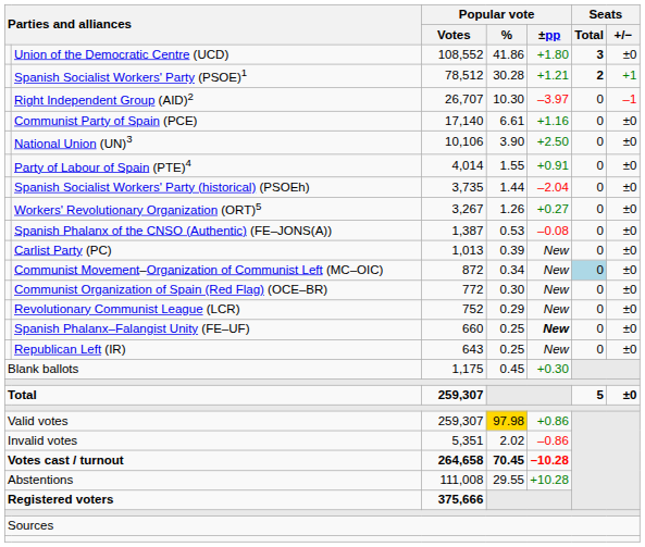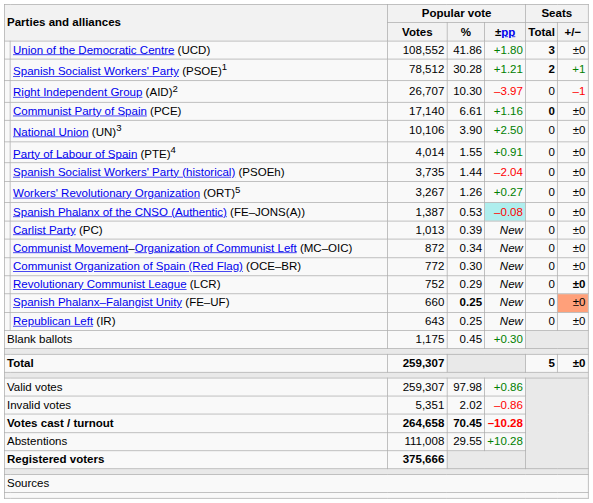 <table class="wikitable" style="text-align:right;">
 <tr>
 <th style="text-align:left;" rowspan="2" colspan="2" width="525">Parties and alliances</th>
 <th colspan="3">Popular vote</th>
 <th colspan="2">Seats</th>
 </tr>
 <tr>
 <th width="75">Votes</th>
 <th width="45">%</th>
 <th width="45">±<a href='#'>pp</a></th>
 <th width="35">Total</th>
 <th width="35">+/−</th>
 </tr>
 <tr>
 <td width="1" style="color:inherit;background:"></td>
 <td align="left"><a href='#'>Union of the Democratic Centre</a> (UCD)</td>
 <td>108,552</td>
 <td>41.86</td>
 <td style="color:green;">+1.80</td>
 <td><strong>3</strong></td>
 <td>±0</td>
 </tr>
 <tr>
 <td style="color:inherit;background:"></td>
 <td align="left"><a href='#'>Spanish Socialist Workers' Party</a> (PSOE)<sup>1</sup></td>
 <td>78,512</td>
 <td>30.28</td>
 <td style="color:green;">+1.21</td>
 <td><strong>2</strong></td>
 <td style="color:green;">+1</td>
 </tr>
 <tr>
 <td width="1" style="color:inherit;background:"></td>
 <td align="left"><a href='#'>Right Independent Group</a> (AID)<sup>2</sup></td>
 <td>26,707</td>
 <td>10.30</td>
 <td style="color:red;">–3.97</td>
 <td>0</td>
 <td style="color:red;">–1</td>
 </tr>
 <tr>
 <td style="color:inherit;background:"></td>
 <td align="left"><a href='#'>Communist Party of Spain</a> (PCE)</td>
 <td>17,140</td>
 <td>6.61</td>
 <td style="color:green;">+1.16</td>
-<td>0</td>
+<td><strong>0</strong></td>
 <td>±0</td>
 </tr>
 <tr>
 <td style="color:inherit;background:"></td>
 <td align="left"><a href='#'>National Union</a> (UN)<sup>3</sup></td>
 <td>10,106</td>
 <td>3.90</td>
 <td style="color:green;">+2.50</td>
 <td>0</td>
 <td>±0</td>
 </tr>
 <tr>
 <td style="color:inherit;background:"></td>
 <td align="left"><a href='#'>Party of Labour of Spain</a> (PTE)<sup>4</sup></td>
 <td>4,014</td>
 <td>1.55</td>
 <td style="color:green;">+0.91</td>
 <td>0</td>
 <td>±0</td>
 </tr>
 <tr>
 <td style="color:inherit;background:"></td>
 <td align="left"><a href='#'>Spanish Socialist Workers' Party (historical)</a> (PSOEh)</td>
 <td>3,735</td>
 <td>1.44</td>
 <td style="color:red;">–2.04</td>
 <td>0</td>
 <td>±0</td>
 </tr>
 <tr>
 <td style="color:inherit;background:"></td>
 <td align="left"><a href='#'>Workers' Revolutionary Organization</a> (ORT)<sup>5</sup></td>
 <td>3,267</td>
 <td>1.26</td>
 <td style="color:green;">+0.27</td>
 <td>0</td>
 <td>±0</td>
 </tr>
 <tr>
 <td style="color:inherit;background:"></td>
 <td align="left"><a href='#'>Spanish Phalanx of the CNSO (Authentic)</a> (FE–JONS(A))</td>
 <td>1,387</td>
 <td>0.53</td>
-<td style="color:red;">–0.08</td>
+<td style="background: paleturquoise; color:red;">–0.08</td>
 <td>0</td>
 <td>±0</td>
 </tr>
 <tr>
 <td style="color:inherit;background:"></td>
 <td align="left"><a href='#'>Carlist Party</a> (PC)</td>
 <td>1,013</td>
 <td>0.39</td>
 <td><em>New</em></td>
 <td>0</td>
 <td>±0</td>
 </tr>
 <tr>
 <td style="color:inherit;background:"></td>
 <td align="left"><a href='#'>Communist Movement</a>–<a href='#'>Organization of Communist Left</a> (MC–OIC)</td>
 <td>872</td>
 <td>0.34</td>
 <td><em>New</em></td>
-<td style="background: lightblue;">0</td>
+<td>0</td>
 <td>±0</td>
 </tr>
 <tr>
 <td style="color:inherit;background:"></td>
 <td align="left"><a href='#'>Communist Organization of Spain (Red Flag)</a> (OCE–BR)</td>
 <td>772</td>
 <td>0.30</td>
 <td><em>New</em></td>
 <td>0</td>
 <td>±0</td>
 </tr>
 <tr>
 <td style="color:inherit;background:"></td>
 <td align="left"><a href='#'>Revolutionary Communist League</a> (LCR)</td>
 <td>752</td>
 <td>0.29</td>
 <td><em>New</em></td>
 <td>0</td>
-<td>±0</td>
+<td><strong>±0</strong></td>
 </tr>
 <tr>
 <td style="color:inherit;background:"></td>
 <td align="left"><a href='#'>Spanish Phalanx–Falangist Unity</a> (FE–UF)</td>
 <td>660</td>
-<td>0.25</td>
-<td><strong><em>New</em></strong></td>
+<td><strong>0.25</strong></td>
+<td><em>New</em></td>
 <td>0</td>
-<td>±0</td>
+<td style="background: lightsalmon;">±0</td>
 </tr>
 <tr>
 <td style="color:inherit;background:"></td>
 <td align="left"><a href='#'>Republican Left</a> (IR)</td>
 <td>643</td>
 <td>0.25</td>
 <td><em>New</em></td>
 <td>0</td>
 <td>±0</td>
 </tr>
 <tr>
 <td align="left" colspan="2">Blank ballots</td>
 <td>1,175</td>
 <td>0.45</td>
 <td style="color:green;">+0.30</td>
 <td bgcolor="#E9E9E9" colspan="2"></td>
 </tr>
 <tr>
 <td colspan="7" bgcolor="#E9E9E9"></td>
 </tr>
 <tr style="font-weight:bold;">
 <td align="left" colspan="2">Total</td>
 <td>259,307</td>
 <td bgcolor="#E9E9E9" colspan="2"></td>
 <td>5</td>
 <td>±0</td>
 </tr>
 <tr>
 <td colspan="7" bgcolor="#E9E9E9"></td>
 </tr>
 <tr>
 <td align="left" colspan="2">Valid votes</td>
 <td>259,307</td>
-<td style="background: gold;">97.98</td>
+<td>97.98</td>
 <td style="color:green;">+0.86</td>
 <td bgcolor="#E9E9E9" colspan="2" rowspan="5"></td>
 </tr>
 <tr>
 <td align="left" colspan="2">Invalid votes</td>
 <td>5,351</td>
 <td>2.02</td>
 <td style="color:red;">–0.86</td>
 </tr>
 <tr style="font-weight:bold;">
 <td align="left" colspan="2">Votes cast / turnout</td>
 <td>264,658</td>
 <td>70.45</td>
 <td style="color:red;">–10.28</td>
 </tr>
 <tr>
 <td align="left" colspan="2">Abstentions</td>
 <td>111,008</td>
 <td>29.55</td>
 <td style="color:green;">+10.28</td>
 </tr>
 <tr style="font-weight:bold;">
 <td align="left" colspan="2">Registered voters</td>
 <td>375,666</td>
 <td bgcolor="#E9E9E9" colspan="2"></td>
 </tr>
 <tr>
 <td colspan="7" bgcolor="#E9E9E9"></td>
 </tr>
 <tr>
 <td align="left" colspan="7">Sources</td>
 </tr>
 <tr>
 <td colspan="7" style="text-align:left; max-width:790px;"></td>
 </tr>
 </table>
